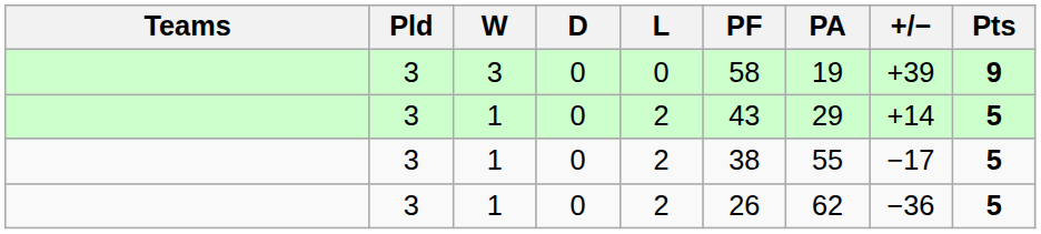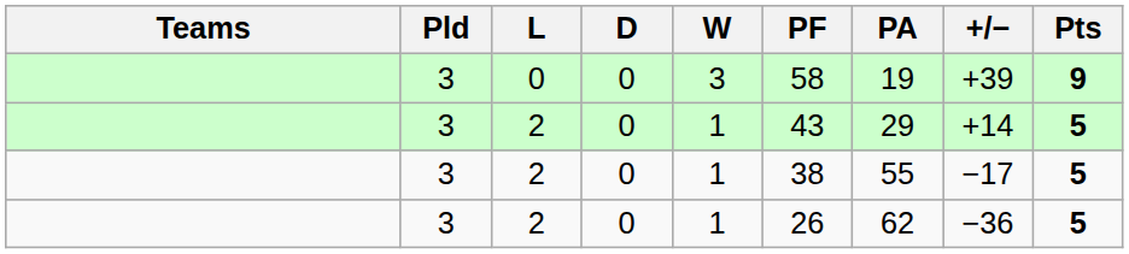 <table class="wikitable" style="text-align: center;">
 <tr>
 <th width="200">Teams</th>
 <th width="40">Pld</th>
+<th width="40">L</th>
+<th width="40">D</th>
 <th width="40">W</th>
-<th width="40">D</th>
-<th width="40">L</th>
 <th width="40">PF</th>
 <th width="40">PA</th>
 <th width="40">+/−</th>
 <th width="40">Pts</th>
 </tr>
 <tr bgcolor=ccffcc>
 <td align=left></td>
 <td>3</td>
-<td>3</td>
 <td>0</td>
 <td>0</td>
+<td>3</td>
 <td>58</td>
 <td>19</td>
 <td>+39</td>
 <td><strong>9</strong></td>
 </tr>
 <tr bgcolor=ccffcc>
 <td align=left></td>
 <td>3</td>
+<td>2</td>
+<td>0</td>
 <td>1</td>
-<td>0</td>
-<td>2</td>
 <td>43</td>
 <td>29</td>
 <td>+14</td>
 <td><strong>5</strong></td>
 </tr>
 <tr>
 <td align=left></td>
 <td>3</td>
+<td>2</td>
+<td>0</td>
 <td>1</td>
-<td>0</td>
-<td>2</td>
 <td>38</td>
 <td>55</td>
 <td>−17</td>
 <td><strong>5</strong></td>
 </tr>
 <tr>
 <td align=left></td>
 <td>3</td>
+<td>2</td>
+<td>0</td>
 <td>1</td>
-<td>0</td>
-<td>2</td>
 <td>26</td>
 <td>62</td>
 <td>−36</td>
 <td><strong>5</strong></td>
 </tr>
 </table>
